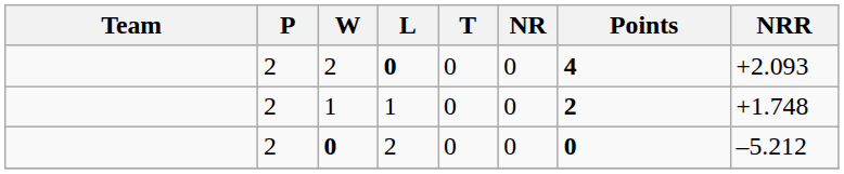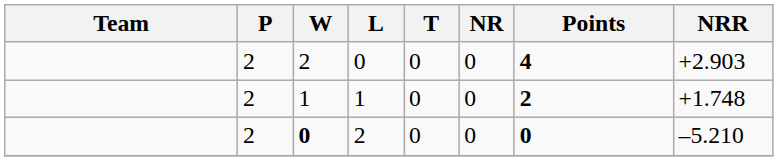 <table class="wikitable">
 <tr>
 <th width=150>Team</th>
 <th width=30 abbr="Played">P</th>
 <th width=30 abbr="Won">W</th>
 <th width=30 abbr="Lost">L</th>
 <th width=30 abbr="Tied">T</th>
 <th width=30 abbr="No result">NR</th>
 <th width=100 abbr="Points">Points</th>
 <th width=60 abbr="Net run rate">NRR</th>
 </tr>
 <tr>
 <td align="left"></td>
 <td>2</td>
 <td>2</td>
-<td><strong>0</strong></td>
+<td>0</td>
 <td>0</td>
 <td>0</td>
 <td><strong>4</strong></td>
-<td>+2.093</td>
+<td>+2.903</td>
 </tr>
 <tr>
 <td align="left"></td>
 <td>2</td>
 <td>1</td>
 <td>1</td>
 <td>0</td>
 <td>0</td>
 <td><strong>2</strong></td>
 <td>+1.748</td>
 </tr>
 <tr>
 <td align="left"></td>
 <td>2</td>
 <td><strong>0</strong></td>
 <td>2</td>
 <td>0</td>
 <td>0</td>
 <td><strong>0</strong></td>
-<td>–5.212</td>
+<td>–5.210</td>
 </tr>
 <tr>
 </tr>
 </table>
